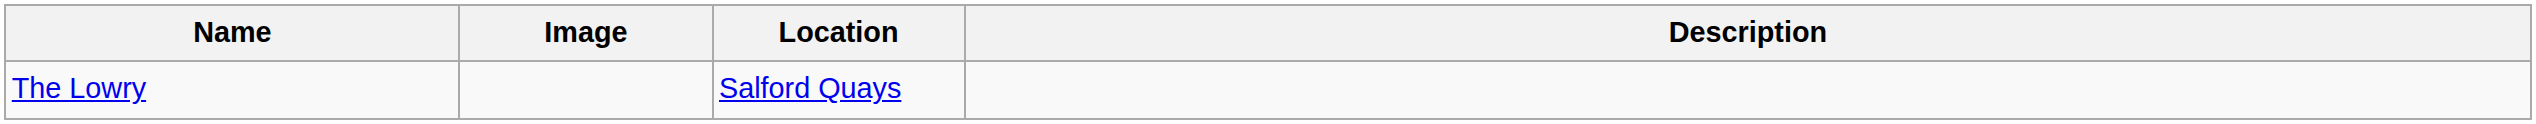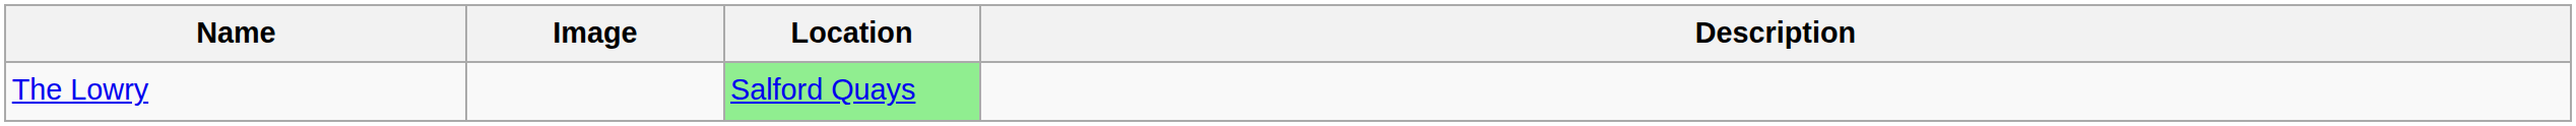 <table class="wikitable sortable" style="font-size:90%;width:100%;border:0px;text-align:left;line-height:150%;">
 <tr>
 <th width="18%">Name</th>
 <th width="10%" class="unsortable">Image</th>
 <th width="10%">Location</th>
 <th width="62%" class="unsortable">Description</th>
 </tr>
 <tr>
 <td><a href='#'>The Lowry</a></td>
 <td></td>
-<td><a href='#'>Salford Quays</a></td>
+<td style="background: lightgreen;"><a href='#'>Salford Quays</a></td>
 <td></td>
 </tr>
 <tr>
 </tr>
 </table>
